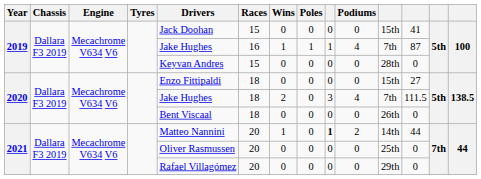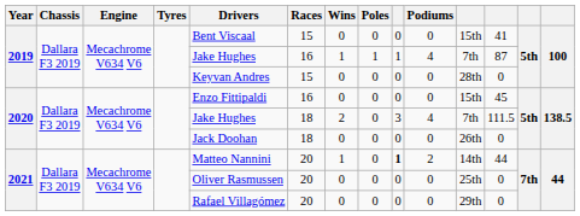 <table class="wikitable" style="text-align:center; font-size:85%">
 <tr>
 <th>Year</th>
 <th>Chassis</th>
 <th>Engine</th>
 <th>Tyres</th>
 <th>Drivers</th>
 <th>Races</th>
 <th>Wins</th>
 <th>Poles</th>
 <th></th>
 <th>Podiums</th>
 <th></th>
 <th></th>
 <th></th>
 <th></th>
 </tr>
 <tr>
 <th rowspan=3><a href='#'>2019</a></th>
 <td rowspan=3><a href='#'>Dallara</a><br><a href='#'>F3 2019</a></td>
 <td rowspan=3><a href='#'>Mecachrome</a><br><a href='#'>V634</a> <a href='#'>V6</a></td>
 <td rowspan=3></td>
-<td align=left> <a href='#'>Jack Doohan</a></td>
+<td align=left> <a href='#'>Bent Viscaal</a></td>
 <td>15</td>
 <td>0</td>
 <td>0</td>
 <td>0</td>
 <td>0</td>
 <td>15th</td>
 <td>41</td>
 <th rowspan=3>5th</th>
 <th rowspan=3>100</th>
 </tr>
 <tr>
 <td align=left> <a href='#'>Jake Hughes</a></td>
 <td>16</td>
 <td>1</td>
 <td>1</td>
 <td>1</td>
 <td>4</td>
 <td>7th</td>
 <td>87</td>
 </tr>
 <tr>
 <td align=left> <a href='#'>Keyvan Andres</a></td>
 <td>15</td>
 <td>0</td>
 <td>0</td>
 <td>0</td>
 <td>0</td>
 <td>28th</td>
 <td>0</td>
 </tr>
 <tr>
 <th rowspan=3><a href='#'>2020</a></th>
 <td rowspan=3><a href='#'>Dallara</a><br><a href='#'>F3 2019</a></td>
 <td rowspan=3><a href='#'>Mecachrome</a><br><a href='#'>V634</a> <a href='#'>V6</a></td>
 <td rowspan=3></td>
 <td align=left> <a href='#'>Enzo Fittipaldi</a></td>
-<td>18</td>
+<td>16</td>
 <td>0</td>
 <td>0</td>
 <td>0</td>
 <td>0</td>
 <td>15th</td>
-<td>27</td>
+<td>45</td>
 <th rowspan=3>5th</th>
 <th rowspan=3>138.5</th>
 </tr>
 <tr>
 <td align=left> <a href='#'>Jake Hughes</a></td>
 <td>18</td>
 <td>2</td>
 <td>0</td>
 <td>3</td>
 <td>4</td>
 <td>7th</td>
 <td>111.5</td>
 </tr>
 <tr>
-<td align=left> <a href='#'>Bent Viscaal</a></td>
+<td align=left> <a href='#'>Jack Doohan</a></td>
 <td>18</td>
 <td>0</td>
 <td>0</td>
 <td>0</td>
 <td>0</td>
 <td>26th</td>
 <td>0</td>
 </tr>
 <tr>
 <th rowspan=3><a href='#'>2021</a></th>
 <td rowspan=3><a href='#'>Dallara</a><br><a href='#'>F3 2019</a></td>
 <td rowspan=3><a href='#'>Mecachrome</a><br><a href='#'>V634</a> <a href='#'>V6</a></td>
 <td rowspan=3></td>
 <td align=left> <a href='#'>Matteo Nannini</a></td>
 <td>20</td>
 <td>1</td>
 <td>0</td>
 <td><strong>1</strong></td>
 <td>2</td>
 <td>14th</td>
 <td>44</td>
 <th rowspan=3>7th</th>
 <th rowspan=3>44</th>
 </tr>
 <tr>
 <td align=left> <a href='#'>Oliver Rasmussen</a></td>
 <td>20</td>
 <td>0</td>
 <td>0</td>
 <td>0</td>
 <td>0</td>
 <td>25th</td>
 <td>0</td>
 </tr>
 <tr>
 <td align=left> <a href='#'>Rafael Villagómez</a></td>
 <td>20</td>
 <td>0</td>
 <td>0</td>
 <td>0</td>
 <td>0</td>
 <td>29th</td>
 <td>0</td>
 </tr>
 </table>
